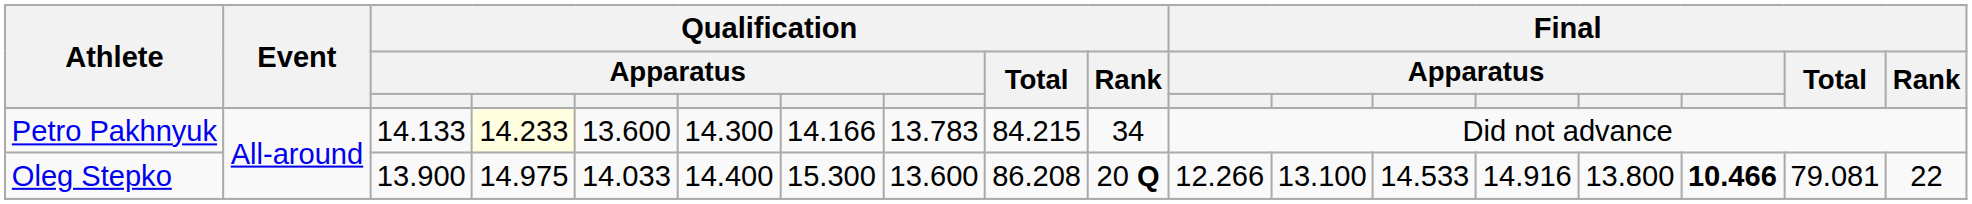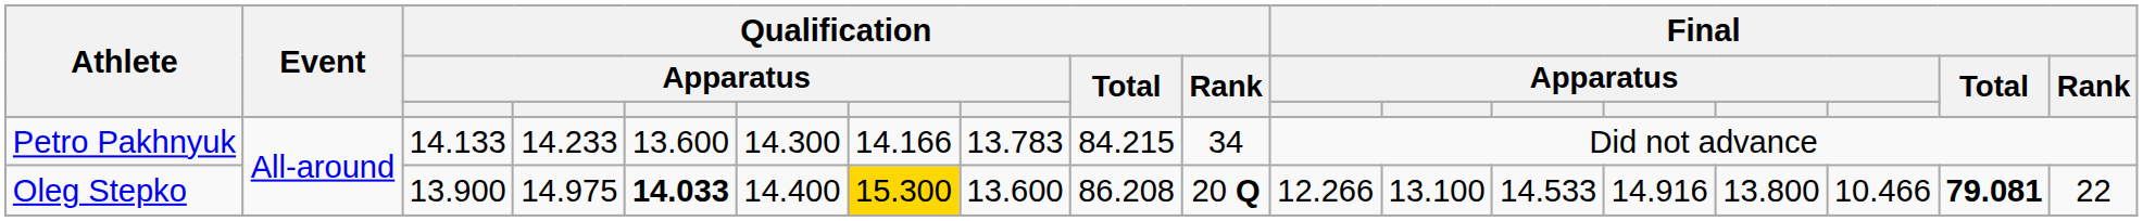 <table class="wikitable" style="font-size:90%">
 <tr>
 <th rowspan=3>Athlete</th>
 <th rowspan=3>Event</th>
 <th colspan =8>Qualification</th>
 <th colspan =8>Final</th>
 </tr>
 <tr style="font-size:95%">
 <th colspan=6>Apparatus</th>
 <th rowspan=2>Total</th>
 <th rowspan=2>Rank</th>
 <th colspan=6>Apparatus</th>
 <th rowspan=2>Total</th>
 <th rowspan=2>Rank</th>
 </tr>
 <tr style="font-size:95%">
 <th></th>
 <th></th>
 <th></th>
 <th></th>
 <th></th>
 <th></th>
 <th></th>
 <th></th>
 <th></th>
 <th></th>
 <th></th>
 <th></th>
 </tr>
 <tr align=center>
 <td align=left><a href='#'>Petro Pakhnyuk</a></td>
 <td align=left rowspan=2><a href='#'>All-around</a></td>
 <td>14.133</td>
-<td style="background: lightyellow;">14.233</td>
+<td>14.233</td>
 <td>13.600</td>
 <td>14.300</td>
 <td>14.166</td>
 <td>13.783</td>
 <td>84.215</td>
 <td>34</td>
 <td colspan=8>Did not advance</td>
 </tr>
 <tr align=center>
 <td align=left><a href='#'>Oleg Stepko</a></td>
 <td>13.900</td>
 <td>14.975</td>
-<td>14.033</td>
+<td><strong>14.033</strong></td>
 <td>14.400</td>
-<td>15.300</td>
+<td style="background: gold;">15.300</td>
 <td>13.600</td>
 <td>86.208</td>
 <td>20 <strong>Q</strong></td>
 <td>12.266</td>
 <td>13.100</td>
 <td>14.533</td>
 <td>14.916</td>
 <td>13.800</td>
-<td><strong>10.466</strong></td>
-<td>79.081</td>
+<td>10.466</td>
+<td><strong>79.081</strong></td>
 <td>22</td>
 </tr>
 </table>
